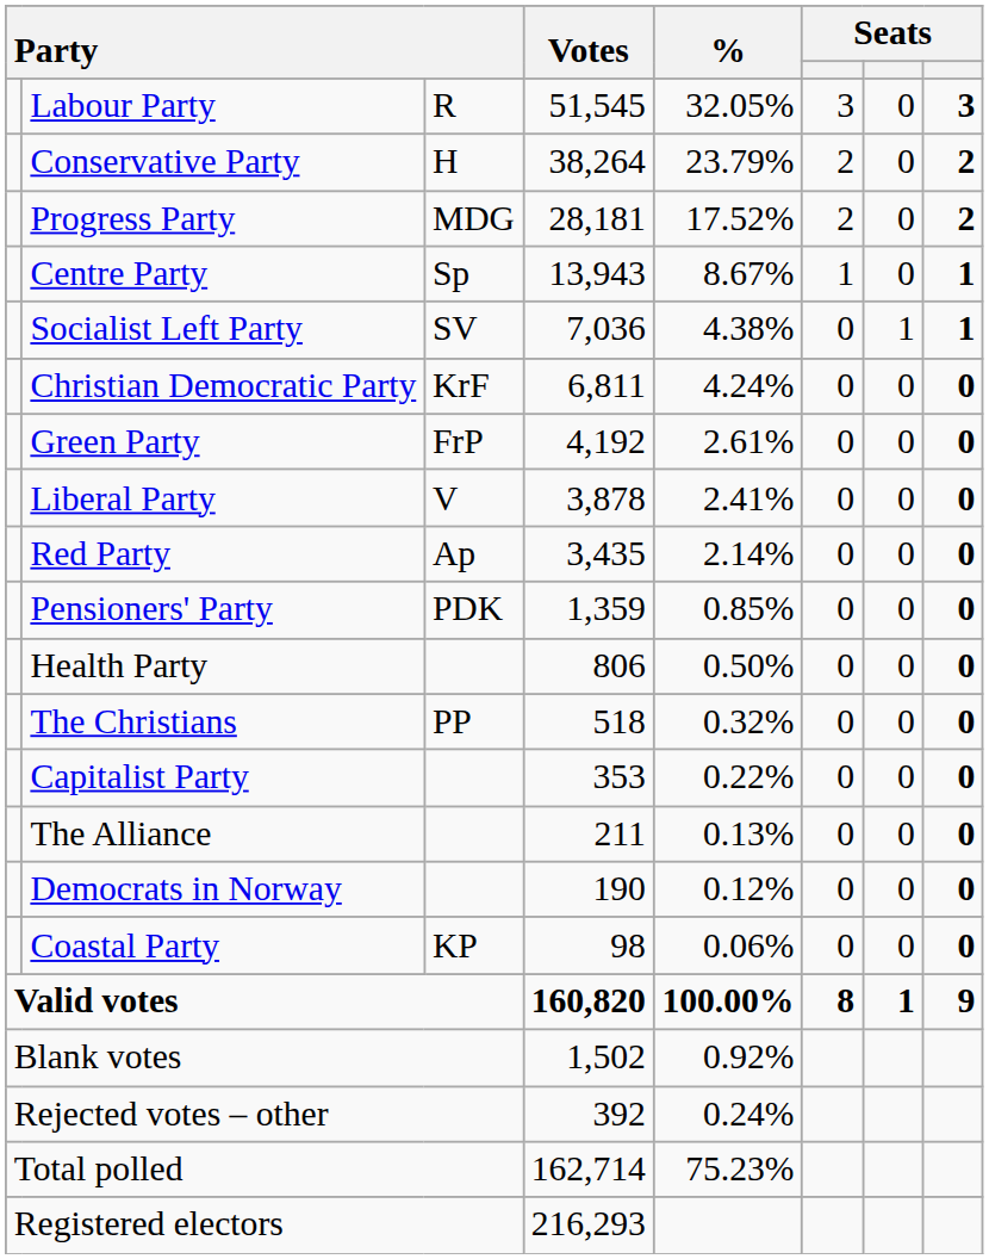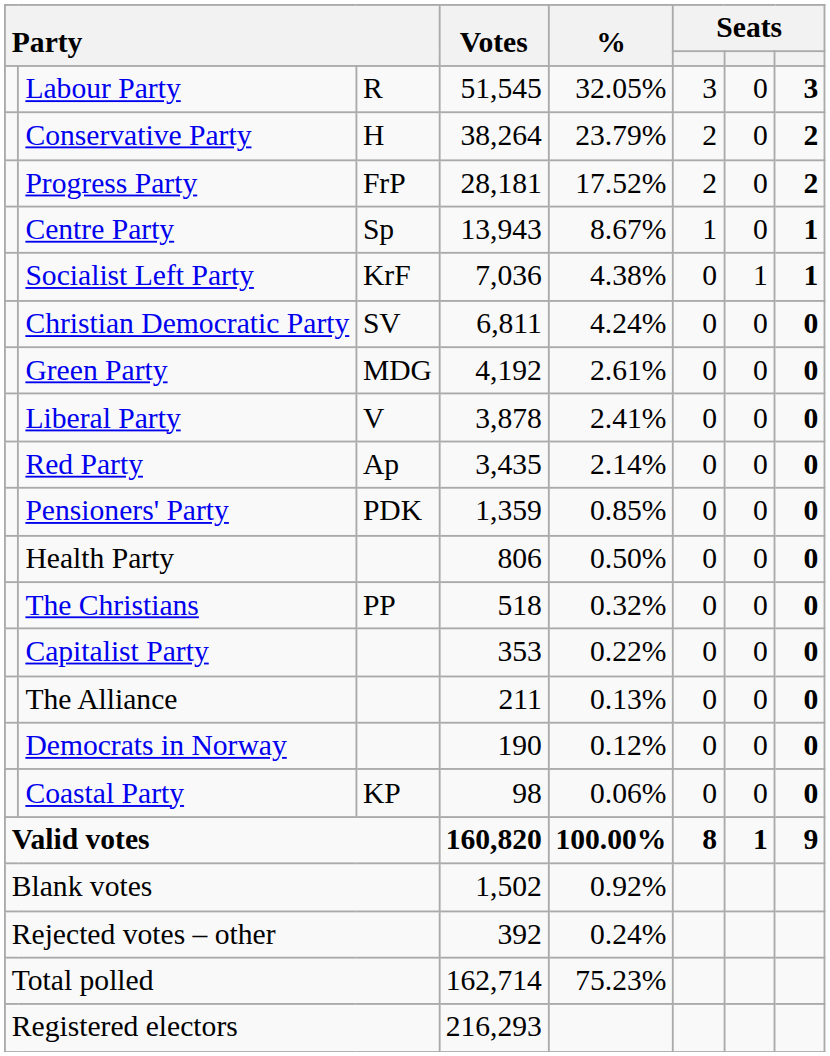 <table class="wikitable" border="1" style="text-align:right;">
 <tr>
 <th style="text-align:left;" valign=bottom rowspan=2 colspan=3>Party</th>
 <th align=center valign=bottom rowspan=2 width="50">Votes</th>
 <th align=center valign=bottom rowspan=2 width="50">%</th>
 <th colspan=3>Seats</th>
 </tr>
 <tr>
 <th align=center valign=bottom width="20"><small></small></th>
 <th align=center valign=bottom width="20"><small><a href='#'></a></small></th>
 <th align=center valign=bottom width="20"><small></small></th>
 </tr>
 <tr>
 <td style="color:inherit;background:"></td>
 <td align=left><a href='#'>Labour Party</a></td>
 <td align=left>R</td>
 <td>51,545</td>
 <td>32.05%</td>
 <td>3</td>
 <td>0</td>
 <td><strong>3</strong></td>
 </tr>
 <tr>
 <td style="color:inherit;background:"></td>
 <td align=left><a href='#'>Conservative Party</a></td>
 <td align=left>H</td>
 <td>38,264</td>
 <td>23.79%</td>
 <td>2</td>
 <td>0</td>
 <td><strong>2</strong></td>
 </tr>
 <tr>
 <td style="color:inherit;background:"></td>
 <td align=left><a href='#'>Progress Party</a></td>
-<td align=left>MDG</td>
+<td align=left>FrP</td>
 <td>28,181</td>
 <td>17.52%</td>
 <td>2</td>
 <td>0</td>
 <td><strong>2</strong></td>
 </tr>
 <tr>
 <td style="color:inherit;background:"></td>
 <td align=left><a href='#'>Centre Party</a></td>
 <td align=left>Sp</td>
 <td>13,943</td>
 <td>8.67%</td>
 <td>1</td>
 <td>0</td>
 <td><strong>1</strong></td>
 </tr>
 <tr>
 <td style="color:inherit;background:"></td>
 <td align=left><a href='#'>Socialist Left Party</a></td>
-<td align=left>SV</td>
+<td align=left>KrF</td>
 <td>7,036</td>
 <td>4.38%</td>
 <td>0</td>
 <td>1</td>
 <td><strong>1</strong></td>
 </tr>
 <tr>
 <td style="color:inherit;background:"></td>
 <td align=left><a href='#'>Christian Democratic Party</a></td>
-<td align=left>KrF</td>
+<td align=left>SV</td>
 <td>6,811</td>
 <td>4.24%</td>
 <td>0</td>
 <td>0</td>
 <td><strong>0</strong></td>
 </tr>
 <tr>
 <td style="color:inherit;background:"></td>
 <td align=left><a href='#'>Green Party</a></td>
-<td align=left>FrP</td>
+<td align=left>MDG</td>
 <td>4,192</td>
 <td>2.61%</td>
 <td>0</td>
 <td>0</td>
 <td><strong>0</strong></td>
 </tr>
 <tr>
 <td style="color:inherit;background:"></td>
 <td align=left><a href='#'>Liberal Party</a></td>
 <td align=left>V</td>
 <td>3,878</td>
 <td>2.41%</td>
 <td>0</td>
 <td>0</td>
 <td><strong>0</strong></td>
 </tr>
 <tr>
 <td style="color:inherit;background:"></td>
 <td align=left><a href='#'>Red Party</a></td>
 <td align=left>Ap</td>
 <td>3,435</td>
 <td>2.14%</td>
 <td>0</td>
 <td>0</td>
 <td><strong>0</strong></td>
 </tr>
 <tr>
 <td style="color:inherit;background:"></td>
 <td align=left><a href='#'>Pensioners' Party</a></td>
 <td align=left>PDK</td>
 <td>1,359</td>
 <td>0.85%</td>
 <td>0</td>
 <td>0</td>
 <td><strong>0</strong></td>
 </tr>
 <tr>
 <td></td>
 <td align=left>Health Party</td>
 <td align=left></td>
 <td>806</td>
 <td>0.50%</td>
 <td>0</td>
 <td>0</td>
 <td><strong>0</strong></td>
 </tr>
 <tr>
 <td style="color:inherit;background:"></td>
 <td align=left><a href='#'>The Christians</a></td>
 <td align=left>PP</td>
 <td>518</td>
 <td>0.32%</td>
 <td>0</td>
 <td>0</td>
 <td><strong>0</strong></td>
 </tr>
 <tr>
 <td style="color:inherit;background:"></td>
 <td align=left><a href='#'>Capitalist Party</a></td>
 <td align=left></td>
 <td>353</td>
 <td>0.22%</td>
 <td>0</td>
 <td>0</td>
 <td><strong>0</strong></td>
 </tr>
 <tr>
 <td></td>
 <td align=left>The Alliance</td>
 <td align=left></td>
 <td>211</td>
 <td>0.13%</td>
 <td>0</td>
 <td>0</td>
 <td><strong>0</strong></td>
 </tr>
 <tr>
 <td style="color:inherit;background:"></td>
 <td align=left><a href='#'>Democrats in Norway</a></td>
 <td align=left></td>
 <td>190</td>
 <td>0.12%</td>
 <td>0</td>
 <td>0</td>
 <td><strong>0</strong></td>
 </tr>
 <tr>
 <td style="color:inherit;background:"></td>
 <td align=left><a href='#'>Coastal Party</a></td>
 <td align=left>KP</td>
 <td>98</td>
 <td>0.06%</td>
 <td>0</td>
 <td>0</td>
 <td><strong>0</strong></td>
 </tr>
 <tr style="font-weight:bold">
 <td align=left colspan=3>Valid votes</td>
 <td>160,820</td>
 <td>100.00%</td>
 <td>8</td>
 <td>1</td>
 <td>9</td>
 </tr>
 <tr>
 <td align=left colspan=3>Blank votes</td>
 <td>1,502</td>
 <td>0.92%</td>
 <td></td>
 <td></td>
 <td></td>
 </tr>
 <tr>
 <td align=left colspan=3>Rejected votes – other</td>
 <td>392</td>
 <td>0.24%</td>
 <td></td>
 <td></td>
 <td></td>
 </tr>
 <tr>
 <td align=left colspan=3>Total polled</td>
 <td>162,714</td>
 <td>75.23%</td>
 <td></td>
 <td></td>
 <td></td>
 </tr>
 <tr>
 <td align=left colspan=3>Registered electors</td>
 <td>216,293</td>
 <td></td>
 <td></td>
 <td></td>
 <td></td>
 </tr>
 </table>
